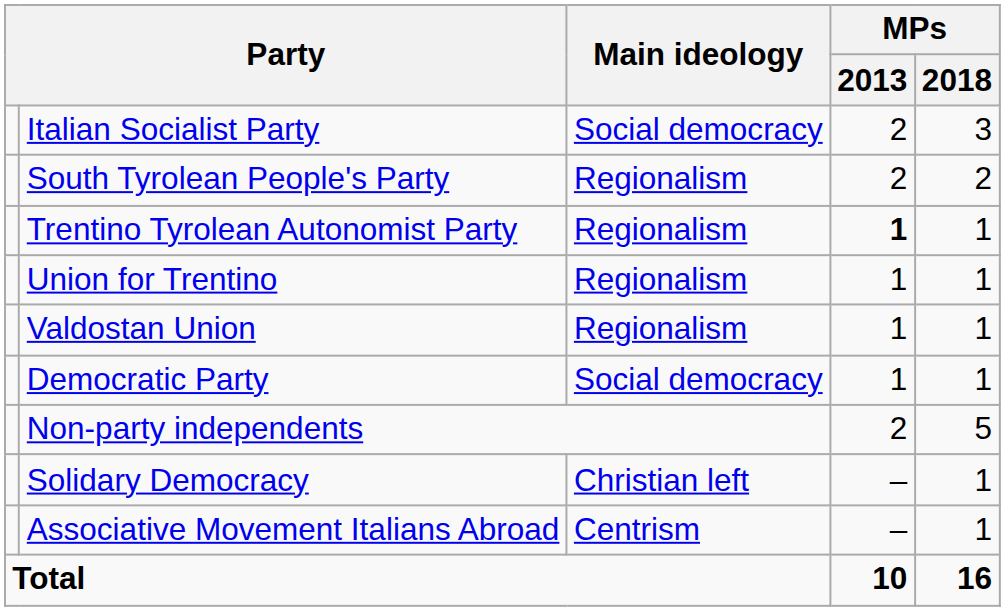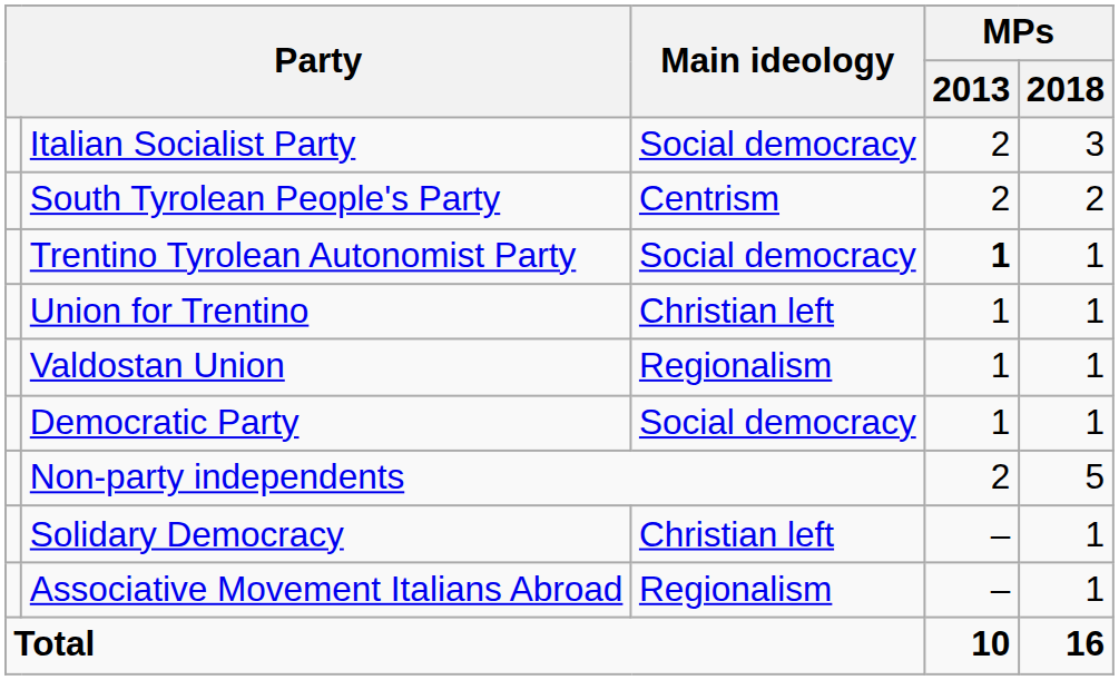 <table class="wikitable" style="font-size:100%">
 <tr>
 <th rowspan=2 colspan=2>Party</th>
 <th rowspan=2>Main ideology</th>
 <th colspan=2>MPs</th>
 </tr>
 <tr>
 <th>2013</th>
 <th>2018</th>
 </tr>
 <tr>
 <td></td>
 <td><a href='#'>Italian Socialist Party</a></td>
 <td><a href='#'>Social democracy</a></td>
 <td align=right>2</td>
 <td align=right>3</td>
 </tr>
 <tr>
 <td></td>
 <td><a href='#'>South Tyrolean People's Party</a></td>
-<td><a href='#'>Regionalism</a></td>
+<td><a href='#'>Centrism</a></td>
 <td align=right>2</td>
 <td align=right>2</td>
 </tr>
 <tr>
 <td></td>
 <td><a href='#'>Trentino Tyrolean Autonomist Party</a></td>
-<td><a href='#'>Regionalism</a></td>
+<td><a href='#'>Social democracy</a></td>
 <td align=right><strong>1</strong></td>
 <td align=right>1</td>
 </tr>
 <tr>
 <td></td>
 <td><a href='#'>Union for Trentino</a></td>
-<td><a href='#'>Regionalism</a></td>
+<td><a href='#'>Christian left</a></td>
 <td align=right>1</td>
 <td align=right>1</td>
 </tr>
 <tr>
 <td></td>
 <td><a href='#'>Valdostan Union</a></td>
 <td><a href='#'>Regionalism</a></td>
 <td align=right>1</td>
 <td align=right>1</td>
 </tr>
 <tr>
 <td></td>
 <td><a href='#'>Democratic Party</a></td>
 <td><a href='#'>Social democracy</a></td>
 <td align=right>1</td>
 <td align=right>1</td>
 </tr>
 <tr>
 <td></td>
 <td colspan=2><a href='#'>Non-party independents</a></td>
 <td align=right>2</td>
 <td align=right>5</td>
 </tr>
 <tr>
 <td></td>
 <td><a href='#'>Solidary Democracy</a></td>
 <td><a href='#'>Christian left</a></td>
 <td align=right>–</td>
 <td align=right>1</td>
 </tr>
 <tr>
 <td></td>
 <td><a href='#'>Associative Movement Italians Abroad</a></td>
-<td><a href='#'>Centrism</a></td>
+<td><a href='#'>Regionalism</a></td>
 <td align=right>–</td>
 <td align=right>1</td>
 </tr>
 <tr>
 <td colspan=3><strong>Total</strong></td>
 <td align=right><strong>10</strong></td>
 <td align=right><strong>16</strong></td>
 </tr>
 </table>
